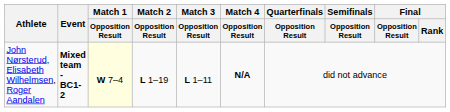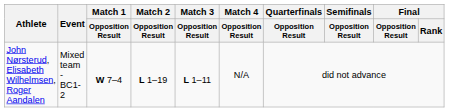 <table class=wikitable style="font-size:90%">
 <tr>
 <th rowspan="2">Athlete</th>
 <th rowspan="2">Event</th>
 <th>Match 1</th>
 <th>Match 2</th>
 <th>Match 3</th>
 <th>Match 4</th>
 <th>Quarterfinals</th>
 <th>Semifinals</th>
 <th colspan="2">Final</th>
 </tr>
 <tr>
 <th style="line-height:1em"><small>Opposition<br>Result</small></th>
 <th style="line-height:1em"><small>Opposition<br>Result</small></th>
 <th style="line-height:1em"><small>Opposition<br>Result</small></th>
 <th style="line-height:1em"><small>Opposition<br>Result</small></th>
 <th style="line-height:1em"><small>Opposition<br>Result</small></th>
 <th style="line-height:1em"><small>Opposition<br>Result</small></th>
 <th style="line-height:1em"><small>Opposition<br>Result</small></th>
 <th>Rank</th>
 </tr>
 <tr>
 <td><a href='#'>John Nørsterud</a>, <a href='#'>Elisabeth Wilhelmsen</a>, <a href='#'>Roger Aandalen</a></td>
-<td><strong>Mixed team - BC1-2</strong></td>
-<td align="center" style="background: lightyellow;"><br> <strong>W</strong> 7–4</td>
+<td>Mixed team - BC1-2</td>
+<td align="center"><br> <strong>W</strong> 7–4</td>
 <td align="center"><br> <strong>L</strong> 1–19</td>
 <td align="center"><br> <strong>L</strong> 1–11</td>
-<td align="center"><strong>N/A</strong></td>
+<td align="center">N/A</td>
 <td align="center" colspan=4>did not advance</td>
 </tr>
 </table>
